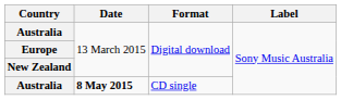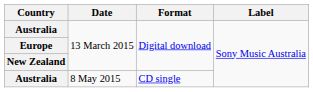 <table class="wikitable plainrowheaders">
 <tr>
 <th scope="col">Country</th>
 <th scope="col">Date</th>
 <th scope="col">Format</th>
 <th scope="col">Label</th>
 </tr>
 <tr>
 <th scope="row">Australia</th>
 <td rowspan="3">13 March 2015</td>
 <td rowspan="3"><a href='#'>Digital download</a></td>
 <td rowspan="4"><a href='#'>Sony Music Australia</a></td>
 </tr>
 <tr>
 <th scope="row">Europe</th>
 </tr>
 <tr>
 <th scope="row">New Zealand</th>
 </tr>
 <tr>
 <th scope="row">Australia</th>
-<td><strong>8 May 2015</strong></td>
+<td>8 May 2015</td>
 <td><a href='#'>CD single</a></td>
 </tr>
 </table>
